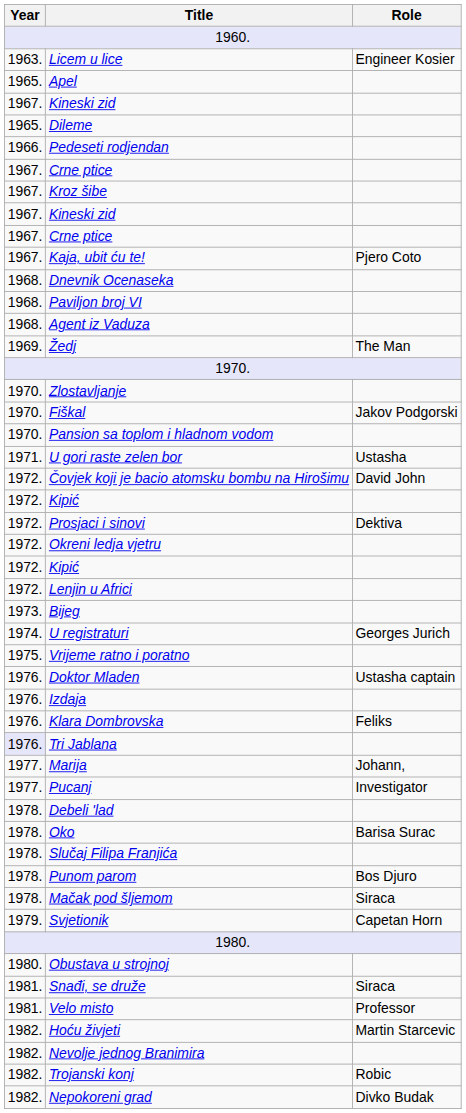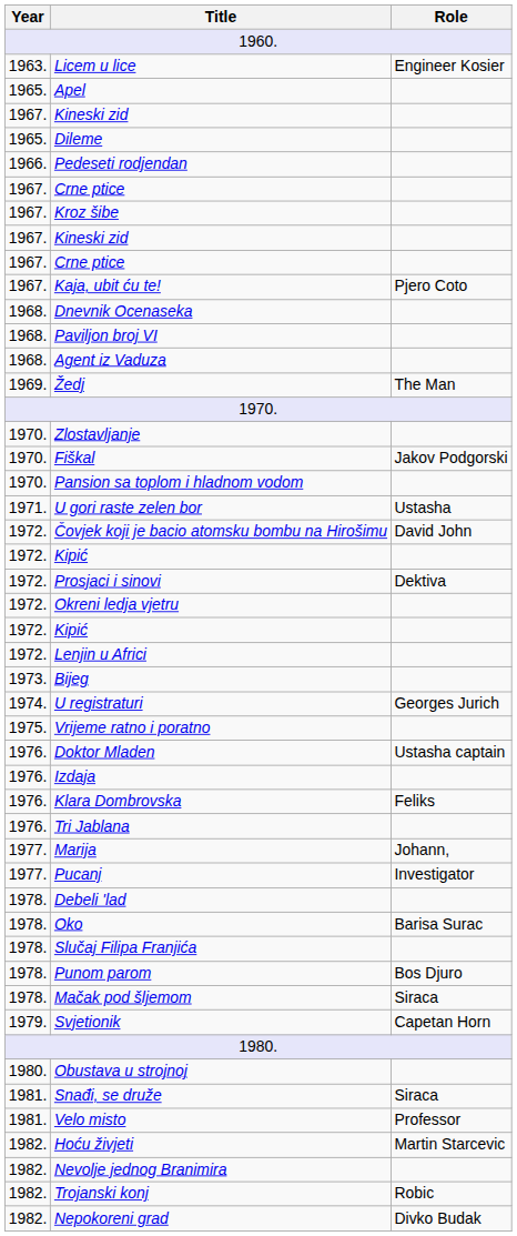 <table class="wikitable">
 <tr>
 <th>Year</th>
 <th>Title</th>
 <th>Role</th>
 </tr>
 <tr style="background:Lavender; text-align:center;">
 <td colspan="4">1960.</td>
 </tr>
 <tr>
 <td>1963.</td>
 <td><em><a href='#'>Licem u lice</a></em></td>
 <td>Engineer Kosier</td>
 </tr>
 <tr>
 <td>1965.</td>
 <td><em><a href='#'>Apel</a></em></td>
 <td></td>
 </tr>
 <tr>
 <td>1967.</td>
 <td><em><a href='#'>Kineski zid</a></em></td>
 <td></td>
 </tr>
 <tr>
 <td>1965.</td>
 <td><em><a href='#'>Dileme</a></em></td>
 <td></td>
 </tr>
 <tr>
 <td>1966.</td>
 <td><em><a href='#'>Pedeseti rodjendan</a></em></td>
 <td></td>
 </tr>
 <tr>
 <td>1967.</td>
 <td><em><a href='#'>Crne ptice</a></em></td>
 <td></td>
 </tr>
 <tr>
 <td>1967.</td>
 <td><em><a href='#'>Kroz šibe</a></em></td>
 <td></td>
 </tr>
 <tr>
 <td>1967.</td>
 <td><em><a href='#'>Kineski zid</a></em></td>
 <td></td>
 </tr>
 <tr>
 <td>1967.</td>
 <td><em><a href='#'>Crne ptice</a></em></td>
 <td></td>
 </tr>
 <tr>
 <td>1967.</td>
 <td><em><a href='#'>Kaja, ubit ću te!</a></em></td>
 <td>Pjero Coto</td>
 </tr>
 <tr>
 <td>1968.</td>
 <td><em><a href='#'>Dnevnik Ocenaseka</a></em></td>
 <td></td>
 </tr>
 <tr>
 <td>1968.</td>
 <td><em><a href='#'>Paviljon broj VI</a></em></td>
 <td></td>
 </tr>
 <tr>
 <td>1968.</td>
 <td><em><a href='#'>Agent iz Vaduza</a></em></td>
 <td></td>
 </tr>
 <tr>
 <td>1969.</td>
 <td><em><a href='#'>Žedj</a></em></td>
 <td>The Man</td>
 </tr>
 <tr style="background:Lavender; text-align:center;">
 <td colspan="4">1970.</td>
 </tr>
 <tr>
 <td>1970.</td>
 <td><em><a href='#'>Zlostavljanje</a></em></td>
 <td></td>
 </tr>
 <tr>
 <td>1970.</td>
 <td><em><a href='#'>Fiškal</a></em></td>
 <td>Jakov Podgorski</td>
 </tr>
 <tr>
 <td>1970.</td>
 <td><em><a href='#'>Pansion sa toplom i hladnom vodom</a></em></td>
 <td></td>
 </tr>
 <tr>
 <td>1971.</td>
 <td><em><a href='#'>U gori raste zelen bor</a></em></td>
 <td>Ustasha</td>
 </tr>
 <tr>
 <td>1972.</td>
 <td><em><a href='#'>Čovjek koji je bacio atomsku bombu na Hirošimu</a></em></td>
 <td>David John</td>
 </tr>
 <tr>
 <td>1972.</td>
 <td><em><a href='#'>Kipić</a></em></td>
 <td></td>
 </tr>
 <tr>
 <td>1972.</td>
 <td><em><a href='#'>Prosjaci i sinovi</a></em></td>
 <td>Dektiva</td>
 </tr>
 <tr>
 <td>1972.</td>
 <td><em><a href='#'>Okreni ledja vjetru</a></em></td>
 <td></td>
 </tr>
 <tr>
 <td>1972.</td>
 <td><em><a href='#'>Kipić</a></em></td>
 <td></td>
 </tr>
 <tr>
 <td>1972.</td>
 <td><em><a href='#'>Lenjin u Africi</a></em></td>
 <td></td>
 </tr>
 <tr>
 <td>1973.</td>
 <td><em><a href='#'>Bijeg</a></em></td>
 <td></td>
 </tr>
 <tr>
 <td>1974.</td>
 <td><em><a href='#'>U registraturi</a></em></td>
 <td>Georges Jurich</td>
 </tr>
 <tr>
 <td>1975.</td>
 <td><em><a href='#'>Vrijeme ratno i poratno</a></em></td>
 <td></td>
 </tr>
 <tr>
 <td>1976.</td>
 <td><em><a href='#'>Doktor Mladen</a></em></td>
 <td>Ustasha captain</td>
 </tr>
 <tr>
 <td>1976.</td>
 <td><em><a href='#'>Izdaja</a></em></td>
 <td></td>
 </tr>
 <tr>
 <td>1976.</td>
 <td><em><a href='#'>Klara Dombrovska</a></em></td>
 <td>Feliks</td>
 </tr>
 <tr>
-<td style="background: lavender;">1976.</td>
+<td>1976.</td>
 <td><em><a href='#'>Tri Jablana</a></em></td>
 <td></td>
 </tr>
 <tr>
 <td>1977.</td>
 <td><em><a href='#'>Marija</a></em></td>
 <td>Johann,</td>
 </tr>
 <tr>
 <td>1977.</td>
 <td><em><a href='#'>Pucanj</a></em></td>
 <td>Investigator</td>
 </tr>
 <tr>
 <td>1978.</td>
 <td><em><a href='#'>Debeli 'lad</a></em></td>
 <td></td>
 </tr>
 <tr>
 <td>1978.</td>
 <td><em><a href='#'>Oko</a></em></td>
 <td>Barisa Surac</td>
 </tr>
 <tr>
 <td>1978.</td>
 <td><em><a href='#'>Slučaj Filipa Franjića</a></em></td>
 <td></td>
 </tr>
 <tr>
 <td>1978.</td>
 <td><em><a href='#'>Punom parom</a></em></td>
 <td>Bos Djuro</td>
 </tr>
 <tr>
 <td>1978.</td>
 <td><em><a href='#'>Mačak pod šljemom</a></em></td>
 <td>Siraca</td>
 </tr>
 <tr>
 <td>1979.</td>
 <td><em><a href='#'>Svjetionik</a></em></td>
 <td>Capetan Horn</td>
 </tr>
 <tr style="background:Lavender; text-align:center;">
 <td colspan="4">1980.</td>
 </tr>
 <tr>
 <td>1980.</td>
 <td><em><a href='#'>Obustava u strojnoj</a></em></td>
 <td></td>
 </tr>
 <tr>
 <td>1981.</td>
 <td><em><a href='#'>Snađi, se druže</a></em></td>
 <td>Siraca</td>
 </tr>
 <tr>
 <td>1981.</td>
 <td><em><a href='#'>Velo misto</a></em></td>
 <td>Professor</td>
 </tr>
 <tr>
 <td>1982.</td>
 <td><em><a href='#'>Hoću živjeti</a></em></td>
 <td>Martin Starcevic</td>
 </tr>
 <tr>
 <td>1982.</td>
 <td><em><a href='#'>Nevolje jednog Branimira</a></em></td>
 <td></td>
 </tr>
 <tr>
 <td>1982.</td>
 <td><em><a href='#'>Trojanski konj</a></em></td>
 <td>Robic</td>
 </tr>
 <tr>
 <td>1982.</td>
 <td><em><a href='#'>Nepokoreni grad</a></em></td>
 <td>Divko Budak</td>
 </tr>
 </table>
